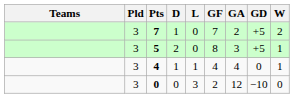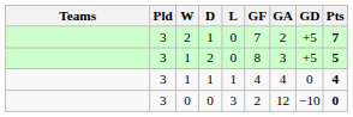 <table class="wikitable" style="text-align: center;">
 <tr>
 <th width=165>Teams</th>
 <th width=20>Pld</th>
-<th width=20>Pts</th>
+<th width=20>W</th>
 <th width=20>D</th>
 <th width=20>L</th>
 <th width=20>GF</th>
 <th width=20>GA</th>
 <th width=20>GD</th>
-<th width=20>W</th>
+<th width=20>Pts</th>
 </tr>
 <tr align=center style="background:#ccffcc;">
 <td style="text-align:left;"></td>
 <td>3</td>
-<td><strong>7</strong></td>
+<td>2</td>
 <td>1</td>
 <td>0</td>
 <td>7</td>
 <td>2</td>
 <td>+5</td>
-<td>2</td>
+<td><strong>7</strong></td>
 </tr>
 <tr align=center style="background:#ccffcc;">
 <td style="text-align:left;"></td>
 <td>3</td>
-<td><strong>5</strong></td>
+<td>1</td>
 <td>2</td>
 <td>0</td>
 <td>8</td>
 <td>3</td>
 <td>+5</td>
-<td>1</td>
+<td><strong>5</strong></td>
 </tr>
 <tr align=center>
 <td style="text-align:left;"></td>
 <td>3</td>
-<td><strong>4</strong></td>
+<td>1</td>
 <td>1</td>
 <td>1</td>
 <td>4</td>
 <td>4</td>
 <td>0</td>
-<td>1</td>
+<td><strong>4</strong></td>
 </tr>
 <tr align=center>
 <td style="text-align:left;"></td>
 <td>3</td>
-<td><strong>0</strong></td>
+<td>0</td>
 <td>0</td>
 <td>3</td>
 <td>2</td>
 <td>12</td>
 <td>−10</td>
-<td>0</td>
+<td><strong>0</strong></td>
 </tr>
 </table>
